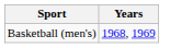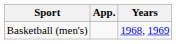 <table class="wikitable"; style= "text-align: ">
 <tr>
 <th width=px>Sport</th>
+<th width=px>App.</th>
 <th width=px>Years</th>
 </tr>
 <tr>
 <td>Basketball (men's)</td>
+<td></td>
 <td><a href='#'>1968</a>, <a href='#'>1969</a></td>
 </tr>
 </table>
